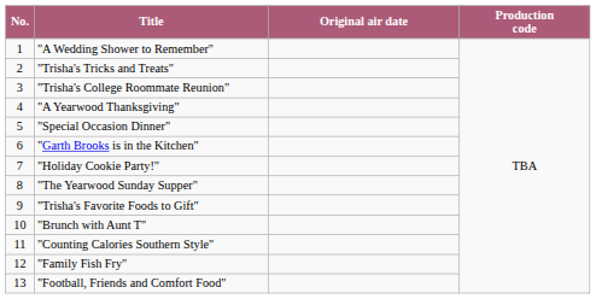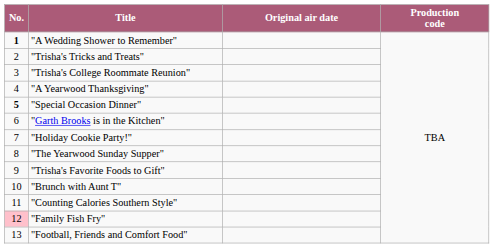 <table class="wikitable plainrowheaders" style="width:60%;">
 <tr>
 <th style="background-color: #ab5b78; color: #FFFFFF;" width=5%>No.</th>
 <th style="background-color: #ab5b78; color: #FFFFFF;" width=40%>Title</th>
 <th style="background-color: #ab5b78; color: #FFFFFF;">Original air date</th>
 <th style="background-color: #ab5b78; color: #FFFFFF;">Production<br>code</th>
 </tr>
 <tr>
-<td align=center>1</td>
+<td align=center><strong>1</strong></td>
 <td>"A Wedding Shower to Remember"</td>
 <td align=center></td>
 <td align=center rowspan=13>TBA</td>
 </tr>
 <tr>
 <td align=center>2</td>
 <td>"Trisha's Tricks and Treats"</td>
 <td align=center></td>
 </tr>
 <tr>
 <td align=center>3</td>
 <td>"Trisha's College Roommate Reunion"</td>
 <td align=center></td>
 </tr>
 <tr>
 <td align=center>4</td>
 <td>"A Yearwood Thanksgiving"</td>
 <td align=center></td>
 </tr>
 <tr>
-<td align=center>5</td>
+<td align=center><strong>5</strong></td>
 <td>"Special Occasion Dinner"</td>
 <td align=center></td>
 </tr>
 <tr>
 <td align=center>6</td>
 <td>"<a href='#'>Garth Brooks</a> is in the Kitchen"</td>
 <td align=center></td>
 </tr>
 <tr>
 <td align=center>7</td>
 <td>"Holiday Cookie Party!"</td>
 <td align=center></td>
 </tr>
 <tr>
 <td align=center>8</td>
 <td>"The Yearwood Sunday Supper"</td>
 <td align=center></td>
 </tr>
 <tr>
 <td align=center>9</td>
 <td>"Trisha's Favorite Foods to Gift"</td>
 <td align=center></td>
 </tr>
 <tr>
 <td align=center>10</td>
 <td>"Brunch with Aunt T"</td>
 <td align=center></td>
 </tr>
 <tr>
 <td align=center>11</td>
 <td>"Counting Calories Southern Style"</td>
 <td align=center></td>
 </tr>
 <tr>
-<td align=center>12</td>
+<td align=center style="background: pink;">12</td>
 <td>"Family Fish Fry"</td>
 <td align=center></td>
 </tr>
 <tr>
 <td align=center>13</td>
 <td>"Football, Friends and Comfort Food"</td>
 <td align=center></td>
 </tr>
 </table>
